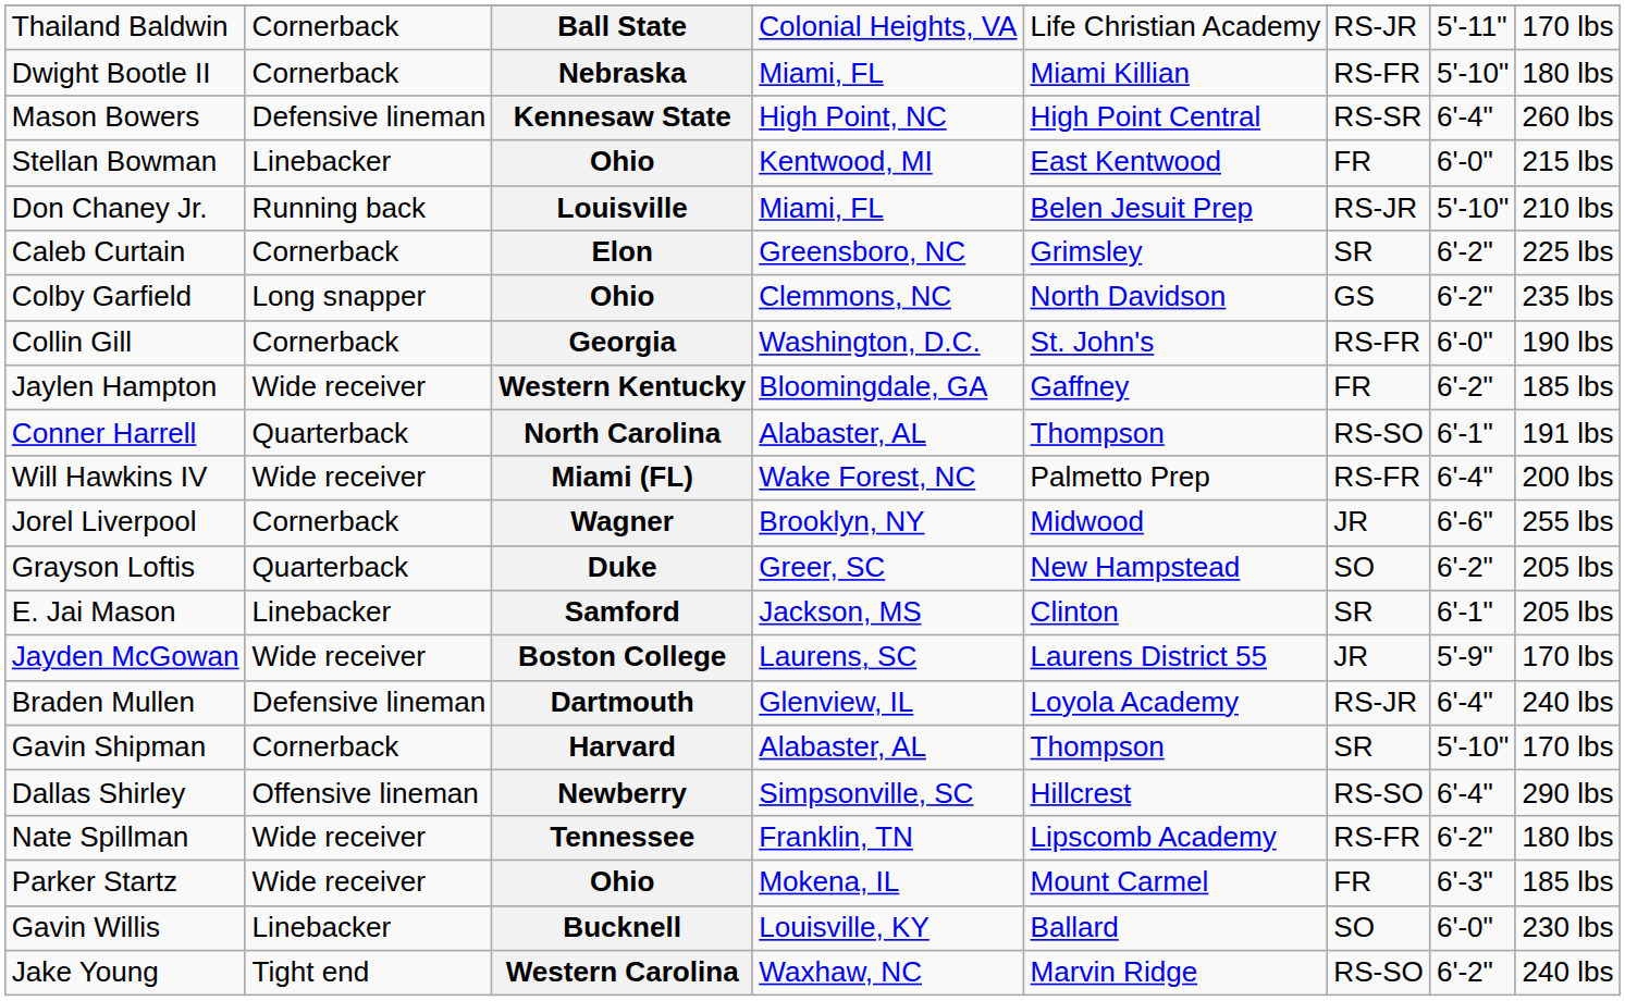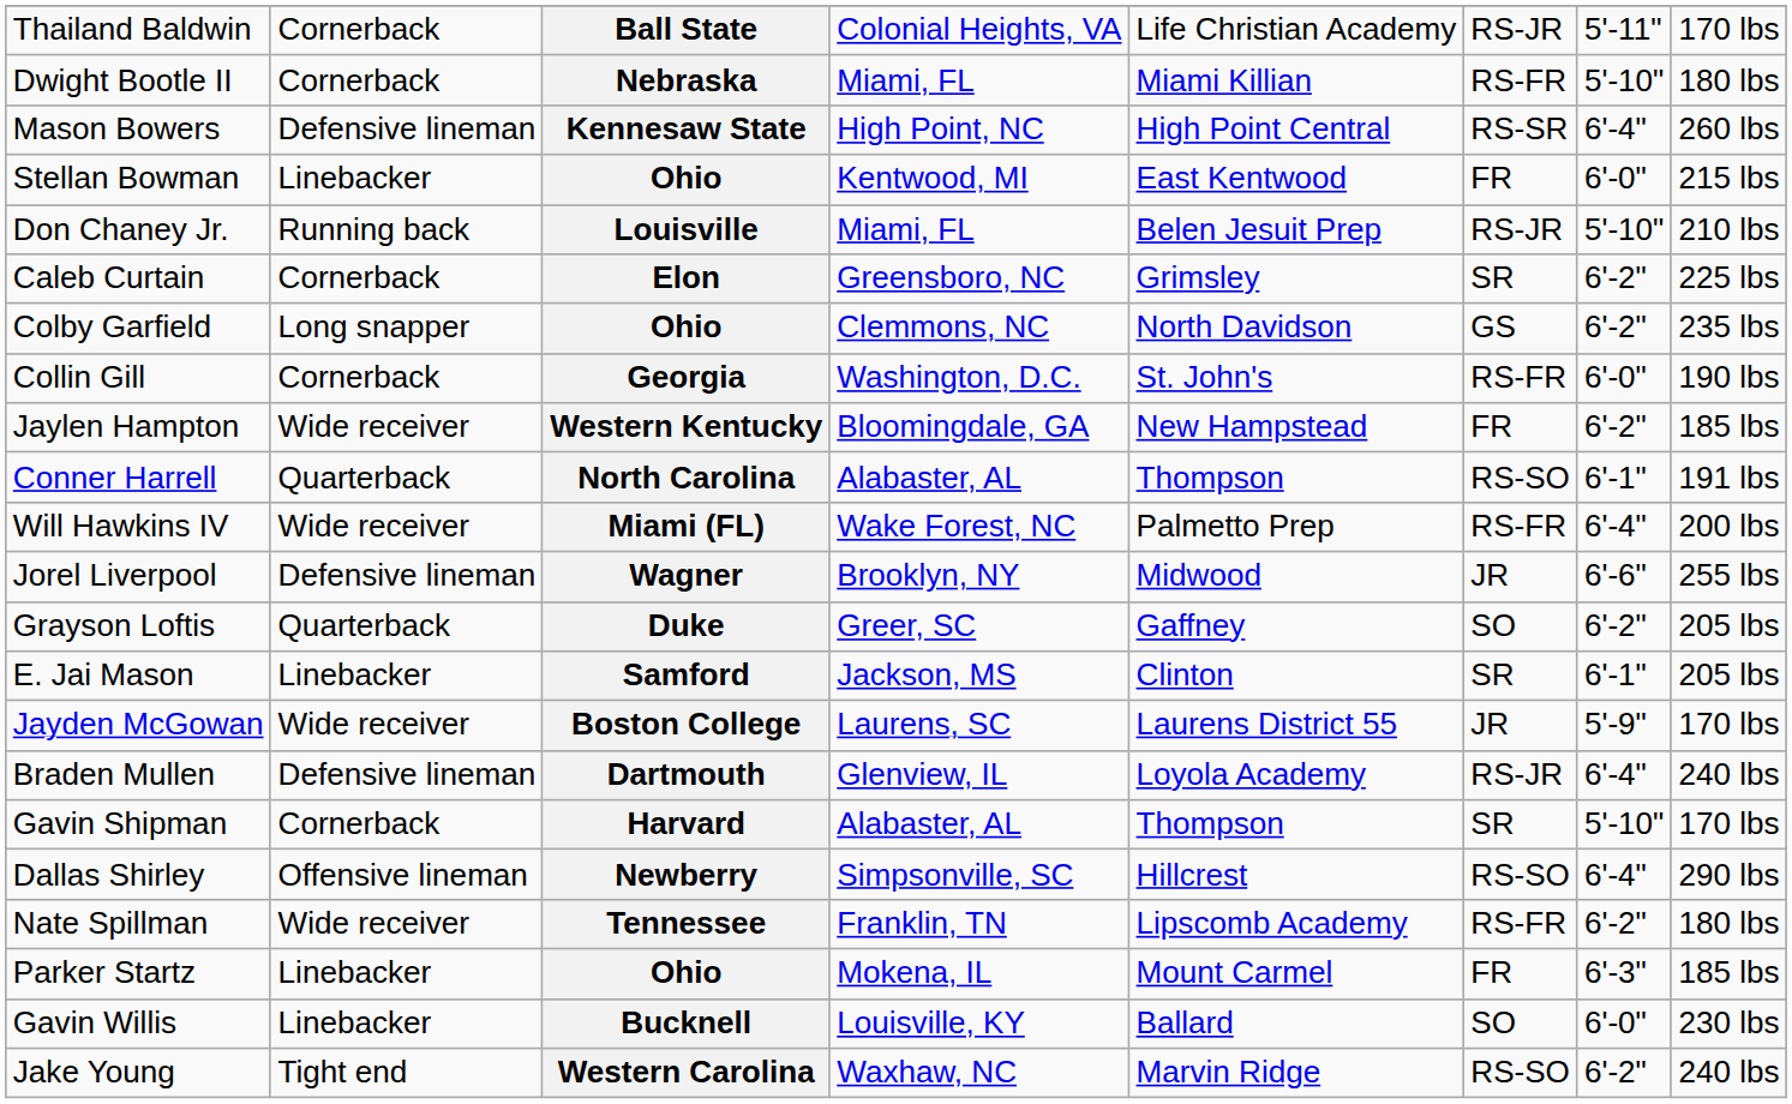 <table class="wikitable mw-collapsible mw-collapsed">
 <tr>
 </tr>
 <tr>
 <td>Thailand Baldwin</td>
 <td>Cornerback</td>
 <th>Ball State</th>
 <td><a href='#'>Colonial Heights, VA</a></td>
 <td>Life Christian Academy</td>
 <td>RS-JR</td>
 <td>5'-11"</td>
 <td>170 lbs</td>
 </tr>
 <tr>
 <td>Dwight Bootle II</td>
 <td>Cornerback</td>
 <th>Nebraska</th>
 <td><a href='#'>Miami, FL</a></td>
 <td><a href='#'>Miami Killian</a></td>
 <td>RS-FR</td>
 <td>5'-10"</td>
 <td>180 lbs</td>
 </tr>
 <tr>
 <td>Mason Bowers</td>
 <td>Defensive lineman</td>
 <th>Kennesaw State</th>
 <td><a href='#'>High Point, NC</a></td>
 <td><a href='#'>High Point Central</a></td>
 <td>RS-SR</td>
 <td>6'-4"</td>
 <td>260 lbs</td>
 </tr>
 <tr>
 <td>Stellan Bowman</td>
 <td>Linebacker</td>
 <th>Ohio</th>
 <td><a href='#'>Kentwood, MI</a></td>
 <td><a href='#'>East Kentwood</a></td>
 <td>FR</td>
 <td>6'-0"</td>
 <td>215 lbs</td>
 </tr>
 <tr>
 <td>Don Chaney Jr.</td>
 <td>Running back</td>
 <th>Louisville</th>
 <td><a href='#'>Miami, FL</a></td>
 <td><a href='#'>Belen Jesuit Prep</a></td>
 <td>RS-JR</td>
 <td>5'-10"</td>
 <td>210 lbs</td>
 </tr>
 <tr>
 <td>Caleb Curtain</td>
 <td>Cornerback</td>
 <th>Elon</th>
 <td><a href='#'>Greensboro, NC</a></td>
 <td><a href='#'>Grimsley</a></td>
 <td>SR</td>
 <td>6'-2"</td>
 <td>225 lbs</td>
 </tr>
 <tr>
 <td>Colby Garfield</td>
 <td>Long snapper</td>
 <th>Ohio</th>
 <td><a href='#'>Clemmons, NC</a></td>
 <td><a href='#'>North Davidson</a></td>
 <td>GS</td>
 <td>6'-2"</td>
 <td>235 lbs</td>
 </tr>
 <tr>
 <td>Collin Gill</td>
 <td>Cornerback</td>
 <th>Georgia</th>
 <td><a href='#'>Washington, D.C.</a></td>
 <td><a href='#'>St. John's</a></td>
 <td>RS-FR</td>
 <td>6'-0"</td>
 <td>190 lbs</td>
 </tr>
 <tr>
 <td>Jaylen Hampton</td>
 <td>Wide receiver</td>
 <th>Western Kentucky</th>
 <td><a href='#'>Bloomingdale, GA</a></td>
-<td><a href='#'>Gaffney</a></td>
+<td><a href='#'>New Hampstead</a></td>
 <td>FR</td>
 <td>6'-2"</td>
 <td>185 lbs</td>
 </tr>
 <tr>
 <td><a href='#'>Conner Harrell</a></td>
 <td>Quarterback</td>
 <th>North Carolina</th>
 <td><a href='#'>Alabaster, AL</a></td>
 <td><a href='#'>Thompson</a></td>
 <td>RS-SO</td>
 <td>6'-1"</td>
 <td>191 lbs</td>
 </tr>
 <tr>
 <td>Will Hawkins IV</td>
 <td>Wide receiver</td>
 <th>Miami (FL)</th>
 <td><a href='#'>Wake Forest, NC</a></td>
 <td>Palmetto Prep</td>
 <td>RS-FR</td>
 <td>6'-4"</td>
 <td>200 lbs</td>
 </tr>
 <tr>
 <td>Jorel Liverpool</td>
-<td>Cornerback</td>
+<td>Defensive lineman</td>
 <th>Wagner</th>
 <td><a href='#'>Brooklyn, NY</a></td>
 <td><a href='#'>Midwood</a></td>
 <td>JR</td>
 <td>6'-6"</td>
 <td>255 lbs</td>
 </tr>
 <tr>
 <td>Grayson Loftis</td>
 <td>Quarterback</td>
 <th>Duke</th>
 <td><a href='#'>Greer, SC</a></td>
-<td><a href='#'>New Hampstead</a></td>
+<td><a href='#'>Gaffney</a></td>
 <td>SO</td>
 <td>6'-2"</td>
 <td>205 lbs</td>
 </tr>
 <tr>
 <td>E. Jai Mason</td>
 <td>Linebacker</td>
 <th>Samford</th>
 <td><a href='#'>Jackson, MS</a></td>
 <td><a href='#'>Clinton</a></td>
 <td>SR</td>
 <td>6'-1"</td>
 <td>205 lbs</td>
 </tr>
 <tr>
 <td><a href='#'>Jayden McGowan</a></td>
 <td>Wide receiver</td>
 <th>Boston College</th>
 <td><a href='#'>Laurens, SC</a></td>
 <td><a href='#'>Laurens District 55</a></td>
 <td>JR</td>
 <td>5'-9"</td>
 <td>170 lbs</td>
 </tr>
 <tr>
 <td>Braden Mullen</td>
 <td>Defensive lineman</td>
 <th>Dartmouth</th>
 <td><a href='#'>Glenview, IL</a></td>
 <td><a href='#'>Loyola Academy</a></td>
 <td>RS-JR</td>
 <td>6'-4"</td>
 <td>240 lbs</td>
 </tr>
 <tr>
 <td>Gavin Shipman</td>
 <td>Cornerback</td>
 <th>Harvard</th>
 <td><a href='#'>Alabaster, AL</a></td>
 <td><a href='#'>Thompson</a></td>
 <td>SR</td>
 <td>5'-10"</td>
 <td>170 lbs</td>
 </tr>
 <tr>
 <td>Dallas Shirley</td>
 <td>Offensive lineman</td>
 <th>Newberry</th>
 <td><a href='#'>Simpsonville, SC</a></td>
 <td><a href='#'>Hillcrest</a></td>
 <td>RS-SO</td>
 <td>6'-4"</td>
 <td>290 lbs</td>
 </tr>
 <tr>
 <td>Nate Spillman</td>
 <td>Wide receiver</td>
 <th>Tennessee</th>
 <td><a href='#'>Franklin, TN</a></td>
 <td><a href='#'>Lipscomb Academy</a></td>
 <td>RS-FR</td>
 <td>6'-2"</td>
 <td>180 lbs</td>
 </tr>
 <tr>
 <td>Parker Startz</td>
-<td>Wide receiver</td>
+<td>Linebacker</td>
 <th>Ohio</th>
 <td><a href='#'>Mokena, IL</a></td>
 <td><a href='#'>Mount Carmel</a></td>
 <td>FR</td>
 <td>6'-3"</td>
 <td>185 lbs</td>
 </tr>
 <tr>
 <td>Gavin Willis</td>
 <td>Linebacker</td>
 <th>Bucknell</th>
 <td><a href='#'>Louisville, KY</a></td>
 <td><a href='#'>Ballard</a></td>
 <td>SO</td>
 <td>6'-0"</td>
 <td>230 lbs</td>
 </tr>
 <tr>
 <td>Jake Young</td>
 <td>Tight end</td>
 <th>Western Carolina</th>
 <td><a href='#'>Waxhaw, NC</a></td>
 <td><a href='#'>Marvin Ridge</a></td>
 <td>RS-SO</td>
 <td>6'-2"</td>
 <td>240 lbs</td>
 </tr>
 </table>
